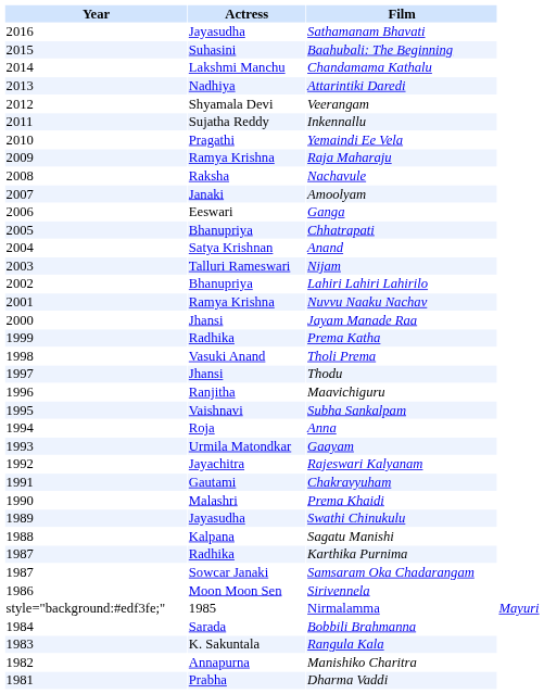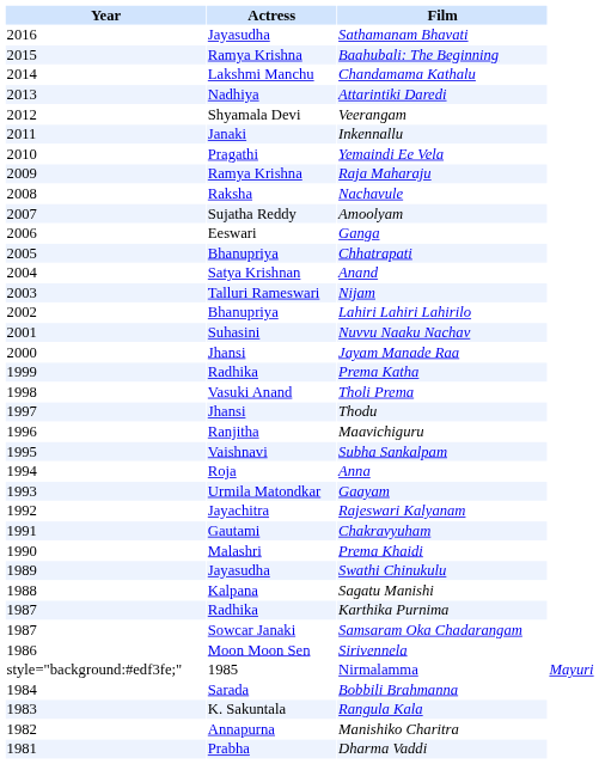 <table cellspacing="1" cellpadding="1" border="0" style="width:50%;">
 <tr style="background:#d1e4fd;">
 <th>Year</th>
 <th>Actress</th>
 <th>Film</th>
 </tr>
 <tr>
 <td>2016</td>
 <td><a href='#'>Jayasudha</a></td>
 <td><em><a href='#'>Sathamanam Bhavati</a></em></td>
 </tr>
 <tr style="background:#edf3fe;">
 <td>2015</td>
-<td><a href='#'>Suhasini</a></td>
+<td><a href='#'>Ramya Krishna</a></td>
 <td><em><a href='#'>Baahubali: The Beginning</a></em></td>
 </tr>
 <tr>
 <td>2014</td>
 <td><a href='#'>Lakshmi Manchu</a></td>
 <td><em><a href='#'>Chandamama Kathalu</a></em></td>
 </tr>
 <tr style="background:#edf3fe;">
 <td>2013</td>
 <td><a href='#'>Nadhiya</a></td>
 <td><em><a href='#'>Attarintiki Daredi</a></em></td>
 </tr>
 <tr>
 <td>2012</td>
 <td>Shyamala Devi</td>
 <td><em>Veerangam</em></td>
 </tr>
 <tr style="background:#edf3fe;">
 <td>2011</td>
-<td>Sujatha Reddy</td>
+<td><a href='#'>Janaki</a></td>
 <td><em>Inkennallu</em></td>
 </tr>
 <tr>
 <td>2010</td>
 <td><a href='#'>Pragathi</a></td>
 <td><em><a href='#'>Yemaindi Ee Vela</a></em></td>
 </tr>
 <tr style="background:#edf3fe;">
 <td>2009</td>
 <td><a href='#'>Ramya Krishna</a></td>
 <td><em><a href='#'>Raja Maharaju</a></em></td>
 </tr>
 <tr>
 <td>2008</td>
 <td><a href='#'>Raksha</a></td>
 <td><em><a href='#'>Nachavule</a></em></td>
 </tr>
 <tr style="background:#edf3fe;">
 <td>2007</td>
-<td><a href='#'>Janaki</a></td>
+<td>Sujatha Reddy</td>
 <td><em>Amoolyam</em></td>
 </tr>
 <tr>
 <td>2006</td>
 <td>Eeswari</td>
 <td><em><a href='#'>Ganga</a></em></td>
 </tr>
 <tr style="background:#edf3fe;">
 <td>2005</td>
 <td><a href='#'>Bhanupriya</a></td>
 <td><em><a href='#'>Chhatrapati</a></em></td>
 </tr>
 <tr>
 <td>2004</td>
 <td><a href='#'>Satya Krishnan</a></td>
 <td><em><a href='#'>Anand</a></em></td>
 </tr>
 <tr style="background:#edf3fe;">
 <td>2003</td>
 <td><a href='#'>Talluri Rameswari</a></td>
 <td><em><a href='#'>Nijam</a></em></td>
 </tr>
 <tr>
 <td>2002</td>
 <td><a href='#'>Bhanupriya</a></td>
 <td><em><a href='#'>Lahiri Lahiri Lahirilo</a></em></td>
 </tr>
 <tr style="background:#edf3fe;">
 <td>2001</td>
-<td><a href='#'>Ramya Krishna</a></td>
+<td><a href='#'>Suhasini</a></td>
 <td><em><a href='#'>Nuvvu Naaku Nachav</a></em></td>
 </tr>
 <tr>
 <td>2000</td>
 <td><a href='#'>Jhansi</a></td>
 <td><em><a href='#'>Jayam Manade Raa</a></em></td>
 </tr>
 <tr style="background:#edf3fe;">
 <td>1999</td>
 <td><a href='#'>Radhika</a></td>
 <td><em><a href='#'>Prema Katha</a></em></td>
 </tr>
 <tr>
 <td>1998</td>
 <td><a href='#'>Vasuki Anand</a></td>
 <td><em><a href='#'>Tholi Prema</a></em></td>
 </tr>
 <tr style="background:#edf3fe;">
 <td>1997</td>
 <td><a href='#'>Jhansi</a></td>
 <td><em>Thodu</em></td>
 </tr>
 <tr>
 <td>1996</td>
 <td><a href='#'>Ranjitha</a></td>
 <td><em>Maavichiguru</em></td>
 </tr>
 <tr style="background:#edf3fe;">
 <td>1995</td>
 <td><a href='#'>Vaishnavi</a></td>
 <td><em><a href='#'>Subha Sankalpam</a></em></td>
 </tr>
 <tr>
 <td>1994</td>
 <td><a href='#'>Roja</a></td>
 <td><em><a href='#'>Anna</a></em></td>
 </tr>
 <tr style="background:#edf3fe;">
 <td>1993</td>
 <td><a href='#'>Urmila Matondkar</a></td>
 <td><em><a href='#'>Gaayam</a> </em></td>
 </tr>
 <tr>
 <td>1992</td>
 <td><a href='#'>Jayachitra</a></td>
 <td><em><a href='#'>Rajeswari Kalyanam</a></em></td>
 </tr>
 <tr style="background:#edf3fe;">
 <td>1991</td>
 <td><a href='#'>Gautami</a></td>
 <td><em><a href='#'>Chakravyuham</a></em></td>
 </tr>
 <tr>
 <td>1990</td>
 <td><a href='#'>Malashri</a></td>
 <td><em><a href='#'>Prema Khaidi</a></em></td>
 </tr>
 <tr style="background:#edf3fe;">
 <td>1989</td>
 <td><a href='#'>Jayasudha</a></td>
 <td><em><a href='#'>Swathi Chinukulu</a></em></td>
 </tr>
 <tr>
 <td>1988</td>
 <td><a href='#'>Kalpana</a></td>
 <td><em>Sagatu Manishi</em></td>
 </tr>
 <tr style="background:#edf3fe;">
 <td>1987</td>
 <td><a href='#'>Radhika</a></td>
 <td><em>Karthika Purnima</em></td>
 </tr>
 <tr>
 <td>1987</td>
 <td><a href='#'>Sowcar Janaki</a></td>
 <td><em><a href='#'>Samsaram Oka Chadarangam</a></em></td>
 </tr>
 <tr>
 <td>1986</td>
 <td><a href='#'>Moon Moon Sen</a></td>
 <td><em><a href='#'>Sirivennela</a></em></td>
 </tr>
 <tr>
 <td>style="background:#edf3fe;"</td>
 <td>1985</td>
 <td><a href='#'>Nirmalamma</a></td>
 <td><em><a href='#'>Mayuri</a></em></td>
 </tr>
 <tr>
 <td>1984</td>
 <td><a href='#'>Sarada</a></td>
 <td><em><a href='#'>Bobbili Brahmanna</a></em></td>
 </tr>
 <tr style="background:#edf3fe;">
 <td>1983</td>
 <td>K. Sakuntala</td>
 <td><em><a href='#'>Rangula Kala</a></em></td>
 </tr>
 <tr>
 <td>1982</td>
 <td><a href='#'>Annapurna</a></td>
 <td><em>Manishiko Charitra</em></td>
 </tr>
 <tr style="background:#edf3fe;">
 <td>1981</td>
 <td><a href='#'>Prabha</a></td>
 <td><em>Dharma Vaddi</em></td>
 </tr>
 <tr>
 </tr>
 </table>
